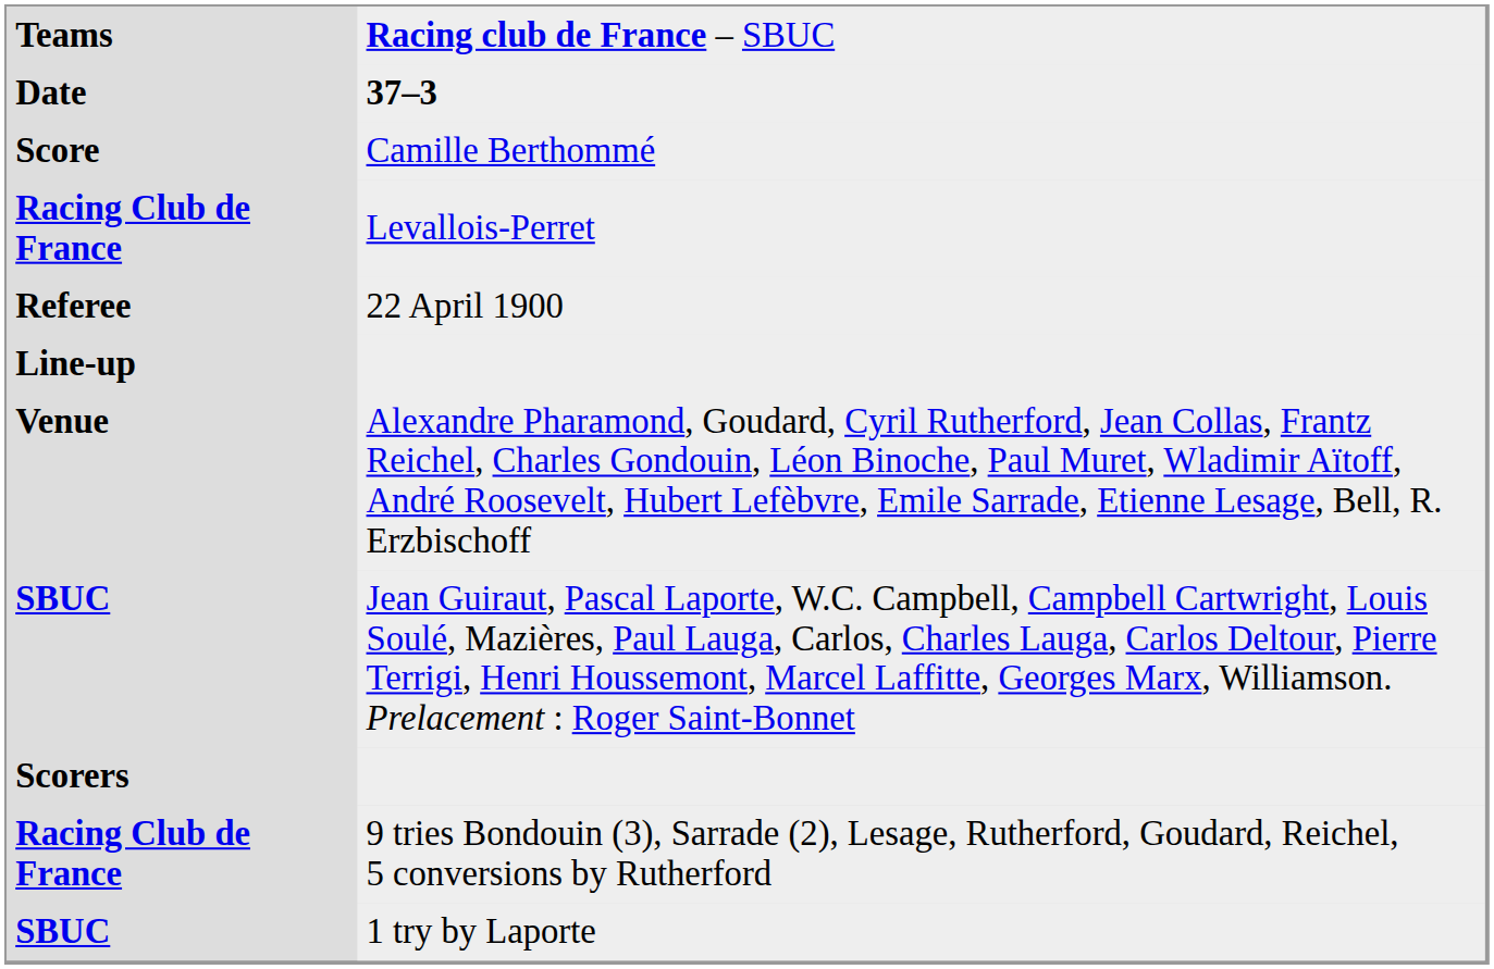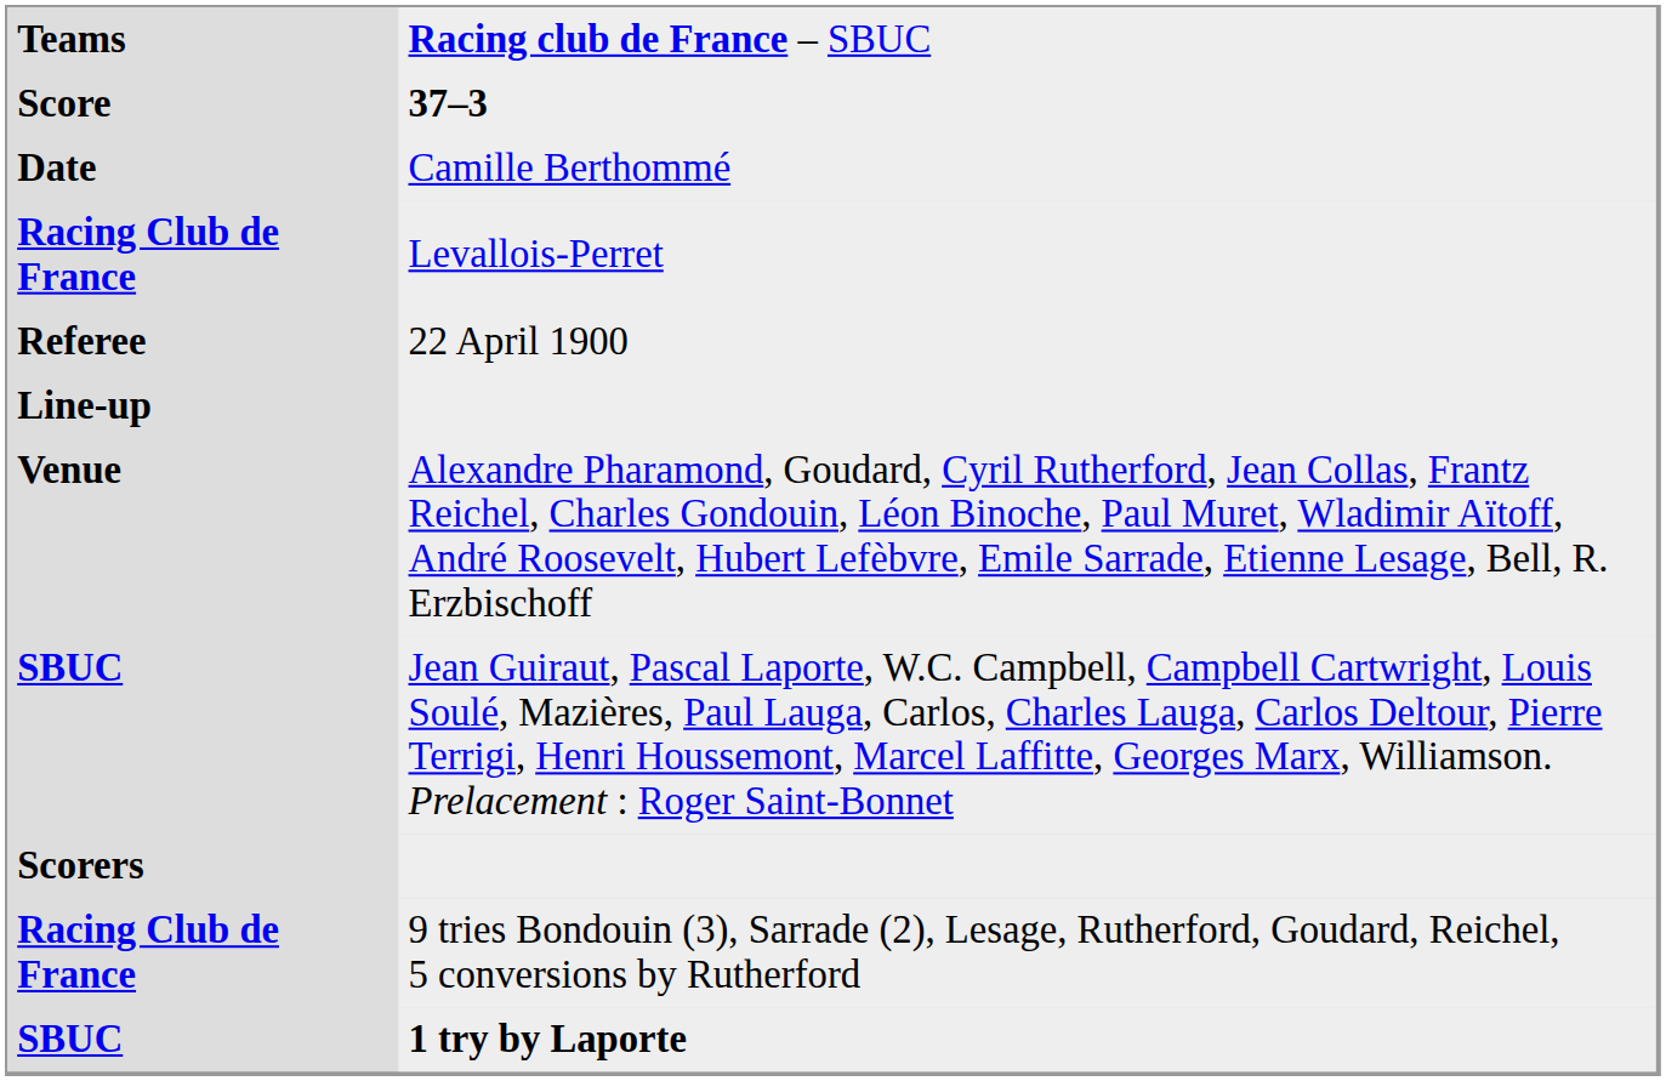 <table align="left" cellpadding="4" cellspacing="0"  style="margin: 0 0 0 0; border: 1px solid #999; border-right-width: 2px; border-bottom-width: 2px; background-color: #DDDDDD">
 <tr>
 <td width="150" valign="top"><strong>Teams</strong></td>
 <td width="500" bgcolor=#EEEEEE><strong><a href='#'>Racing club de France</a></strong> – <a href='#'>SBUC</a></td>
 </tr>
 <tr>
-<td valign="top"><strong>Date</strong></td>
+<td valign="top"><strong>Score</strong></td>
 <td bgcolor=#EEEEEE><strong>37–3</strong></td>
 </tr>
 <tr>
-<td valign="top"><strong>Score</strong></td>
+<td valign="top"><strong>Date</strong></td>
 <td bgcolor=#EEEEEE><a href='#'>Camille Berthommé</a></td>
 </tr>
 <tr>
 <td valign="top"><strong><a href='#'>Racing Club de France</a> </strong></td>
 <td bgcolor=#EEEEEE><a href='#'>Levallois-Perret</a></td>
 </tr>
 <tr>
 <td valign="top"><strong>Referee</strong></td>
 <td bgcolor=#EEEEEE>22 April 1900</td>
 </tr>
 <tr>
 <td valign="top"><strong>Line-up</strong></td>
 <td bgcolor=#EEEEEE></td>
 </tr>
 <tr>
 <td valign="top"><strong>Venue</strong></td>
 <td bgcolor=#EEEEEE><a href='#'>Alexandre Pharamond</a>, Goudard, <a href='#'>Cyril Rutherford</a>, <a href='#'>Jean Collas</a>, <a href='#'>Frantz Reichel</a>, <a href='#'>Charles Gondouin</a>, <a href='#'>Léon Binoche</a>, <a href='#'>Paul Muret</a>, <a href='#'>Wladimir Aïtoff</a>, <a href='#'>André Roosevelt</a>, <a href='#'>Hubert Lefèbvre</a>, <a href='#'>Emile Sarrade</a>, <a href='#'>Etienne Lesage</a>, Bell, R. Erzbischoff</td>
 </tr>
 <tr>
 <td valign="top"><strong><a href='#'>SBUC</a> </strong></td>
 <td bgcolor=#EEEEEE><a href='#'>Jean Guiraut</a>, <a href='#'>Pascal Laporte</a>, W.C. Campbell, <a href='#'>Campbell Cartwright</a>, <a href='#'>Louis Soulé</a>, Mazières, <a href='#'>Paul Lauga</a>, Carlos, <a href='#'>Charles Lauga</a>, <a href='#'>Carlos Deltour</a>, <a href='#'>Pierre Terrigi</a>, <a href='#'>Henri Houssemont</a>, <a href='#'>Marcel Laffitte</a>, <a href='#'>Georges Marx</a>, Williamson. <em>Prelacement</em> : <a href='#'>Roger Saint-Bonnet</a></td>
 </tr>
 <tr>
 <td valign="top"><strong>Scorers</strong></td>
 <td bgcolor=#EEEEEE></td>
 </tr>
 <tr>
 <td valign="top"><strong><a href='#'>Racing Club de France</a> </strong></td>
 <td bgcolor=#EEEEEE>9 tries Bondouin (3), Sarrade (2), Lesage, Rutherford, Goudard, Reichel,<br>5 conversions by Rutherford</td>
 </tr>
 <tr>
 <td valign="top"><strong><a href='#'>SBUC</a></strong></td>
-<td bgcolor=#EEEEEE>1 try by Laporte</td>
+<td bgcolor=#EEEEEE><strong>1 try by Laporte</strong></td>
 </tr>
 </table>
